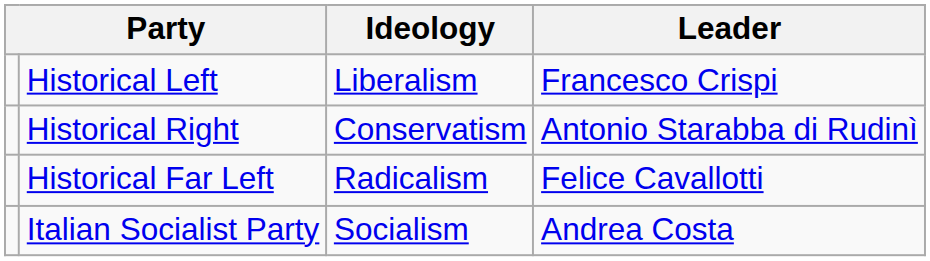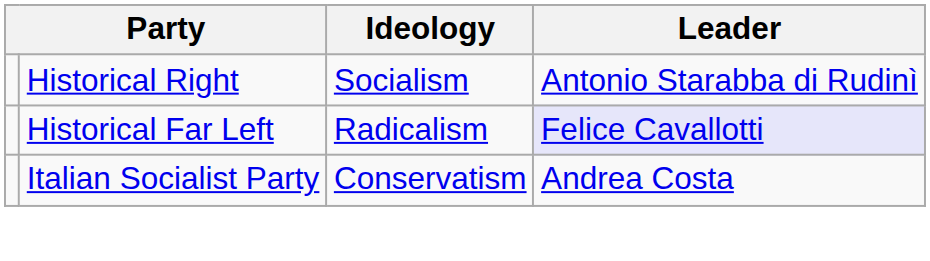 <table class=wikitable>
 <tr>
 <th colspan=2>Party</th>
 <th>Ideology</th>
 <th>Leader</th>
 </tr>
 <tr>
 <td></td>
-<td><a href='#'>Historical Left</a></td>
-<td><a href='#'>Liberalism</a></td>
-<td><a href='#'>Francesco Crispi</a></td>
-</tr>
-<tr>
-<td></td>
 <td><a href='#'>Historical Right</a></td>
-<td><a href='#'>Conservatism</a></td>
+<td><a href='#'>Socialism</a></td>
 <td><a href='#'>Antonio Starabba di Rudinì</a></td>
 </tr>
 <tr>
 <td></td>
 <td><a href='#'>Historical Far Left</a></td>
 <td><a href='#'>Radicalism</a></td>
-<td><a href='#'>Felice Cavallotti</a></td>
+<td style="background: lavender;"><a href='#'>Felice Cavallotti</a></td>
 </tr>
 <tr>
 <td></td>
 <td><a href='#'>Italian Socialist Party</a></td>
-<td><a href='#'>Socialism</a></td>
+<td><a href='#'>Conservatism</a></td>
 <td><a href='#'>Andrea Costa</a></td>
 </tr>
 </table>
